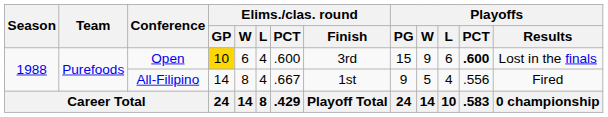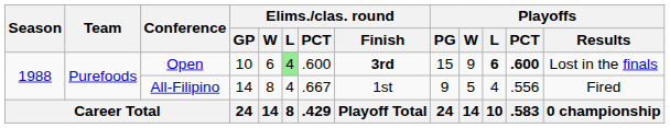 <table class="wikitable" style="text-align:center">
 <tr>
 <th rowspan="2">Season</th>
 <th rowspan="2">Team</th>
 <th rowspan="2">Conference</th>
 <th colspan="5">Elims./clas. round</th>
 <th colspan="5">Playoffs</th>
 </tr>
 <tr>
 <th>GP</th>
 <th>W</th>
 <th>L</th>
 <th>PCT</th>
 <th>Finish</th>
 <th>PG</th>
 <th>W</th>
 <th>L</th>
 <th>PCT</th>
 <th>Results</th>
 </tr>
 <tr>
 <td rowspan="2"><a href='#'>1988</a></td>
 <td rowspan="2"><a href='#'>Purefoods</a></td>
 <td><a href='#'>Open</a></td>
-<td style="background: gold;">10</td>
+<td>10</td>
 <td>6</td>
-<td>4</td>
+<td style="background: lightgreen;">4</td>
 <td>.600</td>
-<td>3rd</td>
+<td><strong>3rd</strong></td>
 <td>15</td>
 <td>9</td>
-<td>6</td>
+<td><strong>6</strong></td>
 <td><strong>.600</strong></td>
 <td>Lost in the <a href='#'>finals</a></td>
 </tr>
 <tr>
 <td><a href='#'>All-Filipino</a></td>
 <td>14</td>
 <td>8</td>
 <td>4</td>
 <td>.667</td>
 <td>1st</td>
 <td>9</td>
 <td>5</td>
 <td>4</td>
 <td>.556</td>
 <td>Fired</td>
 </tr>
 <tr>
 <th colspan="3"><strong>Career Total</strong></th>
 <th><strong>24</strong></th>
 <th><strong>14</strong></th>
 <th><strong>8</strong></th>
 <th><strong>.429</strong></th>
 <th>Playoff Total</th>
 <th>24</th>
 <th>14</th>
 <th><strong>10</strong></th>
 <th><strong>.583</strong></th>
 <th><strong>0 championship</strong></th>
 </tr>
 </table>
